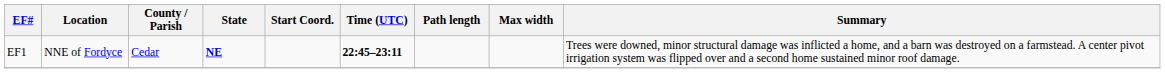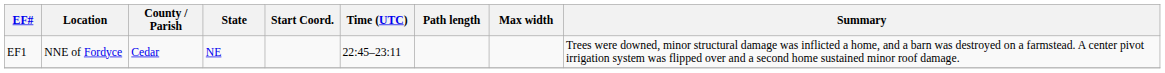 <table class="wikitable sortable" style="width:100%;">
 <tr>
 <th scope="col"  style="width:3%; text-align:center;"><a href='#'>EF#</a></th>
 <th scope="col"  style="width:7%; text-align:center;" class="unsortable">Location</th>
 <th scope="col"  style="width:6%; text-align:center;" class="unsortable">County / Parish</th>
 <th scope="col"  style="width:5%; text-align:center;">State</th>
 <th scope="col"  style="width:6%; text-align:center;">Start Coord.</th>
 <th scope="col"  style="width:6%; text-align:center;">Time (<a href='#'>UTC</a>)</th>
 <th scope="col"  style="width:6%; text-align:center;">Path length</th>
 <th scope="col"  style="width:6%; text-align:center;">Max width</th>
 <th scope="col" class="unsortable" style="width:48%; text-align:center;">Summary</th>
 </tr>
 <tr>
 <td>EF1</td>
 <td>NNE of <a href='#'>Fordyce</a></td>
 <td><a href='#'>Cedar</a></td>
-<td><strong><a href='#'>NE</a></strong></td>
+<td><a href='#'>NE</a></td>
 <td></td>
-<td><strong>22:45–23:11</strong></td>
+<td>22:45–23:11</td>
 <td></td>
 <td></td>
 <td>Trees were downed, minor structural damage was inflicted a home, and a barn was destroyed on a farmstead. A center pivot irrigation system was flipped over and a second home sustained minor roof damage.</td>
 </tr>
 <tr>
 </tr>
 </table>
